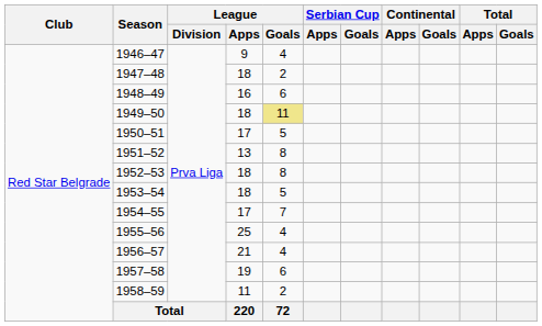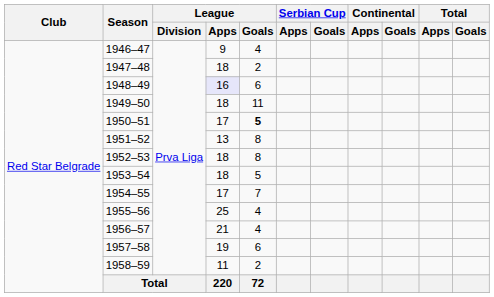 <table class="wikitable" style="text-align:center">
 <tr>
 <th rowspan="2">Club</th>
 <th rowspan="2">Season</th>
 <th colspan="3">League</th>
 <th colspan="2"><a href='#'>Serbian Cup</a></th>
 <th colspan="2">Continental</th>
 <th colspan="2">Total</th>
 </tr>
 <tr>
 <th>Division</th>
 <th>Apps</th>
 <th>Goals</th>
 <th>Apps</th>
 <th>Goals</th>
 <th>Apps</th>
 <th>Goals</th>
 <th>Apps</th>
 <th>Goals</th>
 </tr>
 <tr>
 <td rowspan="14"><a href='#'>Red Star Belgrade</a></td>
 <td>1946–47</td>
 <td rowspan="13"><a href='#'>Prva Liga</a></td>
 <td>9</td>
 <td>4</td>
 <td></td>
 <td></td>
 <td></td>
 <td></td>
 <td></td>
 <td></td>
 </tr>
 <tr>
 <td>1947–48</td>
 <td>18</td>
 <td>2</td>
 <td></td>
 <td></td>
 <td></td>
 <td></td>
 <td></td>
 <td></td>
 </tr>
 <tr>
 <td>1948–49</td>
-<td>16</td>
+<td style="background: lavender;">16</td>
 <td>6</td>
 <td></td>
 <td></td>
 <td></td>
 <td></td>
 <td></td>
 <td></td>
 </tr>
 <tr>
 <td>1949–50</td>
 <td>18</td>
-<td style="background: khaki;">11</td>
+<td>11</td>
 <td></td>
 <td></td>
 <td></td>
 <td></td>
 <td></td>
 <td></td>
 </tr>
 <tr>
 <td>1950–51</td>
 <td>17</td>
-<td>5</td>
+<td><strong>5</strong></td>
 <td></td>
 <td></td>
 <td></td>
 <td></td>
 <td></td>
 <td></td>
 </tr>
 <tr>
 <td>1951–52</td>
 <td>13</td>
 <td>8</td>
 <td></td>
 <td></td>
 <td></td>
 <td></td>
 <td></td>
 <td></td>
 </tr>
 <tr>
 <td>1952–53</td>
 <td>18</td>
 <td>8</td>
 <td></td>
 <td></td>
 <td></td>
 <td></td>
 <td></td>
 <td></td>
 </tr>
 <tr>
 <td>1953–54</td>
 <td>18</td>
 <td>5</td>
 <td></td>
 <td></td>
 <td></td>
 <td></td>
 <td></td>
 <td></td>
 </tr>
 <tr>
 <td>1954–55</td>
 <td>17</td>
 <td>7</td>
 <td></td>
 <td></td>
 <td></td>
 <td></td>
 <td></td>
 <td></td>
 </tr>
 <tr>
 <td>1955–56</td>
 <td>25</td>
 <td>4</td>
 <td></td>
 <td></td>
 <td></td>
 <td></td>
 <td></td>
 <td></td>
 </tr>
 <tr>
 <td>1956–57</td>
 <td>21</td>
 <td>4</td>
 <td></td>
 <td></td>
 <td></td>
 <td></td>
 <td></td>
 <td></td>
 </tr>
 <tr>
 <td>1957–58</td>
 <td>19</td>
 <td>6</td>
 <td></td>
 <td></td>
 <td></td>
 <td></td>
 <td></td>
 <td></td>
 </tr>
 <tr>
 <td>1958–59</td>
 <td>11</td>
 <td>2</td>
 <td></td>
 <td></td>
 <td></td>
 <td></td>
 <td></td>
 <td></td>
 </tr>
 <tr>
 <th colspan="2">Total</th>
 <th>220</th>
 <th>72</th>
 <th></th>
 <th></th>
 <th></th>
 <th></th>
 <th></th>
 <th></th>
 </tr>
 </table>
